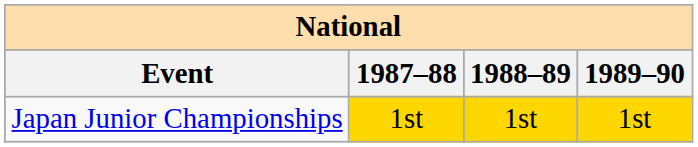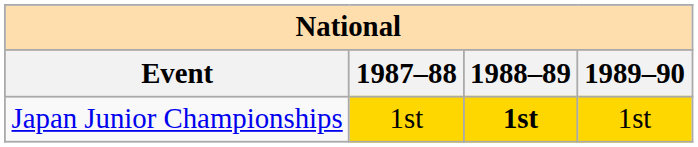 <table class="wikitable" style="text-align:center">
 <tr>
 <th style="background-color: #ffdead; " colspan=4 align=center>National</th>
 </tr>
 <tr>
 <th>Event</th>
 <th>1987–88</th>
 <th>1988–89</th>
 <th>1989–90</th>
 </tr>
 <tr>
 <td align=left><a href='#'>Japan Junior Championships</a></td>
 <td bgcolor=gold>1st</td>
-<td bgcolor=gold>1st</td>
+<td bgcolor=gold><strong>1st</strong></td>
 <td bgcolor=gold>1st</td>
 </tr>
 </table>
